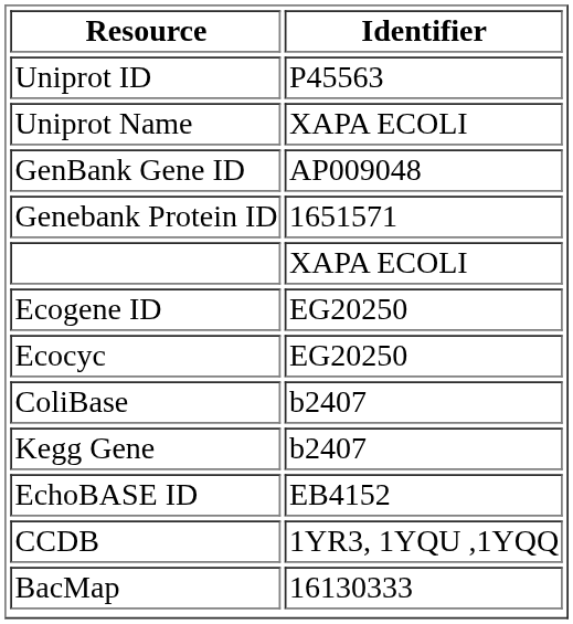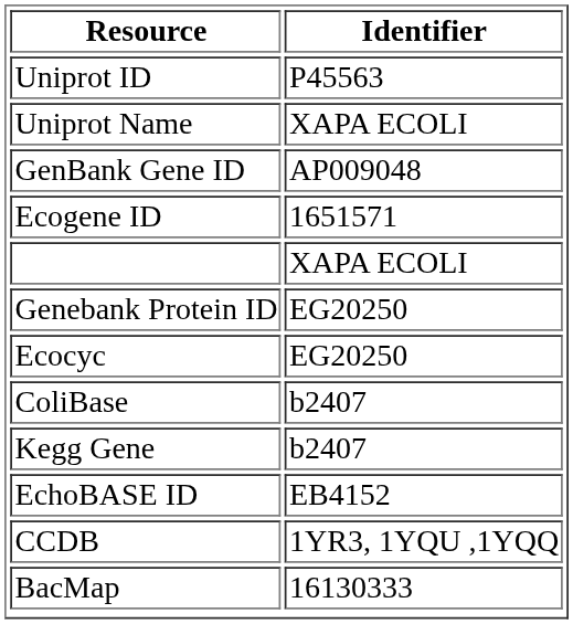 <table style="float:right;" border="1">
 <tr>
 <th>Resource</th>
 <th>Identifier</th>
 </tr>
 <tr>
 <td>Uniprot ID</td>
 <td>P45563</td>
 </tr>
 <tr>
 <td>Uniprot Name</td>
 <td>XAPA ECOLI</td>
 </tr>
 <tr>
 <td>GenBank Gene ID</td>
 <td>AP009048</td>
 </tr>
 <tr>
-<td>Genebank Protein ID</td>
+<td>Ecogene ID</td>
 <td>1651571</td>
 </tr>
 <tr>
 <td></td>
 <td>XAPA ECOLI</td>
 </tr>
 <tr>
-<td>Ecogene ID</td>
+<td>Genebank Protein ID</td>
 <td>EG20250</td>
 </tr>
 <tr>
 <td>Ecocyc</td>
 <td>EG20250</td>
 </tr>
 <tr>
 <td>ColiBase</td>
 <td>b2407</td>
 </tr>
 <tr>
 <td>Kegg Gene</td>
 <td>b2407</td>
 </tr>
 <tr>
 <td>EchoBASE ID</td>
 <td>EB4152</td>
 </tr>
 <tr>
 <td>CCDB</td>
 <td>1YR3, 1YQU ,1YQQ</td>
 </tr>
 <tr>
 <td>BacMap</td>
 <td>16130333</td>
 </tr>
 <tr>
 </tr>
 </table>
